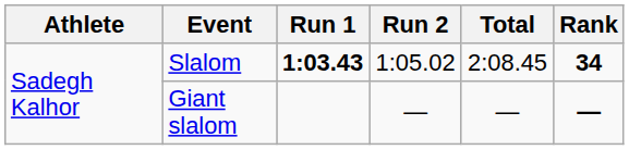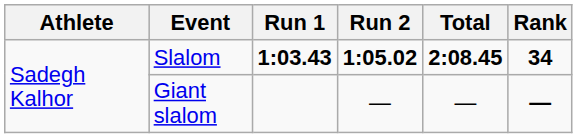 <table class="wikitable" width="60%" style="text-align:center; font-size:90%">
 <tr>
 <th width="25%">Athlete</th>
 <th width="18%">Event</th>
 <th width="11%">Run 1</th>
 <th width="11%">Run 2</th>
 <th width="13%">Total</th>
 <th width="6%">Rank</th>
 </tr>
 <tr>
 <td rowspan=2 align="left"><a href='#'>Sadegh Kalhor</a></td>
 <td align="left"><a href='#'>Slalom</a></td>
 <td><strong>1:03.43</strong></td>
-<td>1:05.02</td>
-<td>2:08.45</td>
+<td><strong>1:05.02</strong></td>
+<td><strong>2:08.45</strong></td>
 <td><strong>34</strong></td>
 </tr>
 <tr>
 <td align="left"><a href='#'>Giant slalom</a></td>
 <td></td>
 <td>—</td>
 <td>—</td>
 <td><strong>—</strong></td>
 </tr>
 </table>
